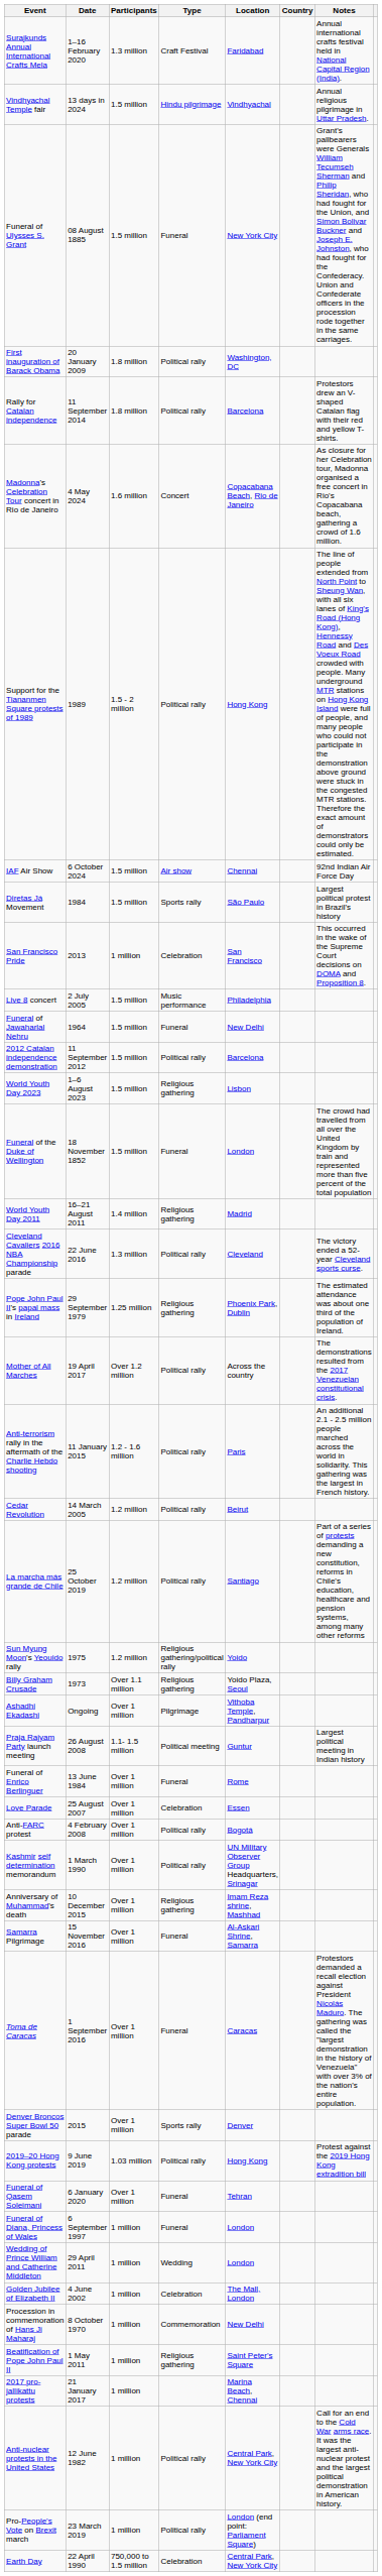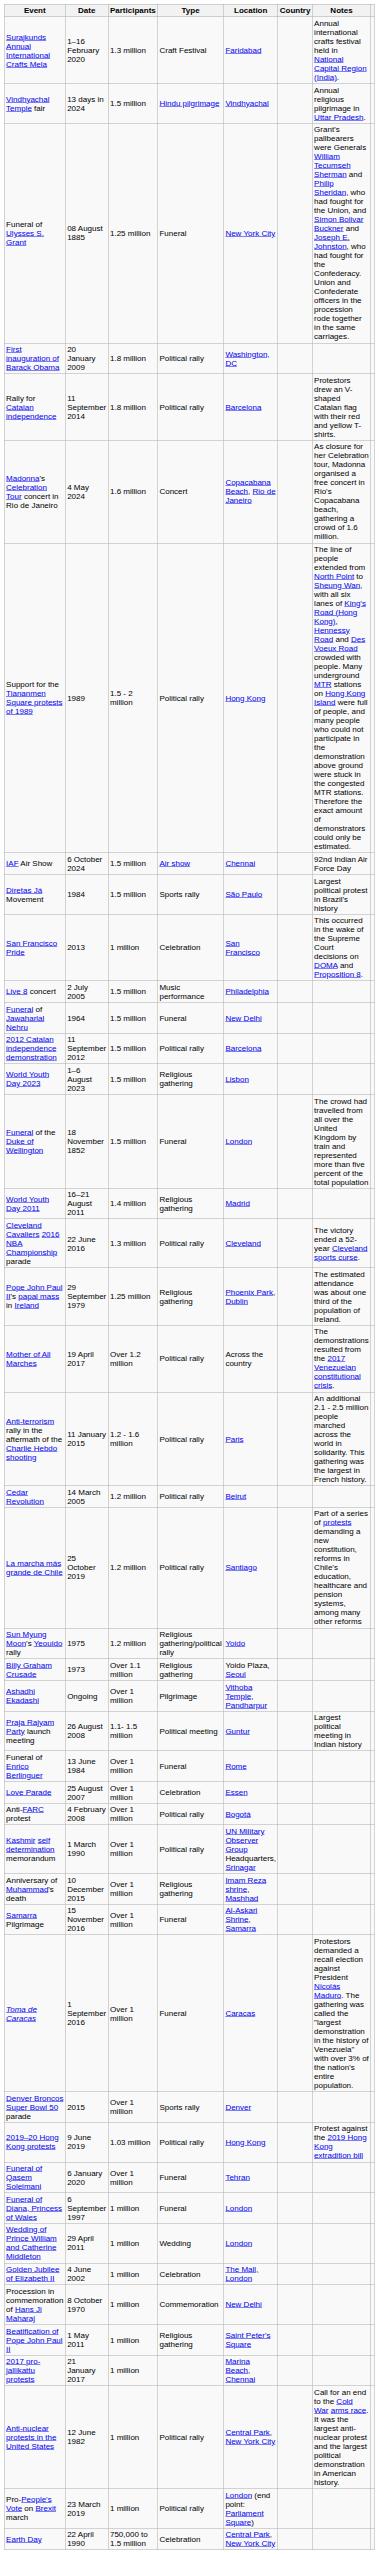 <table class="wikitable sortable">
 <tr>
 <th width=160>Event</th>
 <th data-sort-type="date" width=100>Date</th>
 <th>Participants</th>
 <th>Type</th>
 <th>Location</th>
 <th width=100>Country</th>
 <th class=unsortable>Notes</th>
 <th class="unsortable"></th>
 </tr>
 <tr>
 <td><a href='#'>Surajkunds Annual International Crafts Mela</a></td>
 <td>1–16 February 2020</td>
 <td>1.3 million</td>
 <td>Craft Festival</td>
 <td><a href='#'>Faridabad</a></td>
 <td></td>
 <td>Annual international crafts festival held in <a href='#'>National Capital Region (India)</a>.</td>
 <td></td>
 </tr>
 <tr>
 <td><a href='#'>Vindhyachal Temple</a> fair</td>
 <td>13 days in 2024</td>
 <td>1.5 million</td>
 <td><a href='#'>Hindu pilgrimage</a></td>
 <td><a href='#'>Vindhyachal</a></td>
 <td></td>
 <td>Annual religious pilgrimage in <a href='#'>Uttar Pradesh</a>.</td>
 <td></td>
 </tr>
 <tr>
 <td>Funeral of <a href='#'>Ulysses S. Grant</a></td>
 <td>08 August 1885</td>
-<td>1.5 million</td>
+<td>1.25 million</td>
 <td>Funeral</td>
 <td><a href='#'>New York City</a></td>
 <td></td>
 <td>Grant's pallbearers were Generals <a href='#'>William Tecumseh Sherman</a> and <a href='#'>Philip Sheridan</a>, who had fought for the Union, and <a href='#'>Simon Bolivar Buckner</a> and <a href='#'>Joseph E. Johnston</a>, who had fought for the Confederacy. Union and Confederate officers in the procession rode together in the same carriages.</td>
 <td></td>
 </tr>
 <tr>
 <td><a href='#'>First inauguration of Barack Obama</a></td>
 <td>20 January 2009</td>
 <td>1.8 million</td>
 <td>Political rally</td>
 <td><a href='#'>Washington, DC</a></td>
 <td></td>
 <td></td>
 <td></td>
 </tr>
 <tr>
 <td>Rally for <a href='#'>Catalan independence</a></td>
 <td>11 September 2014</td>
 <td>1.8 million</td>
 <td>Political rally</td>
 <td><a href='#'>Barcelona</a></td>
 <td></td>
 <td>Protestors drew an  V-shaped Catalan flag with their red and yellow T-shirts.</td>
 <td></td>
 </tr>
 <tr>
 <td><a href='#'>Madonna</a>'s <a href='#'>Celebration Tour</a> concert in Rio de Janeiro</td>
 <td>4 May 2024</td>
 <td>1.6 million</td>
 <td>Concert</td>
 <td><a href='#'>Copacabana Beach</a>, <a href='#'>Rio de Janeiro</a></td>
 <td></td>
 <td>As closure for her Celebration tour, Madonna organised a free concert in Rio's Copacabana beach, gathering a crowd of 1.6 million.</td>
 <td></td>
 </tr>
 <tr>
 <td>Support for the <a href='#'>Tiananmen Square protests of 1989</a></td>
 <td>1989</td>
 <td>1.5 - 2 million</td>
 <td>Political rally</td>
 <td><a href='#'>Hong Kong</a></td>
 <td></td>
 <td>The line of people extended from <a href='#'>North Point</a> to <a href='#'>Sheung Wan</a>, with all six lanes of <a href='#'>King's Road (Hong Kong)</a>, <a href='#'>Hennessy Road</a> and <a href='#'>Des Voeux Road</a> crowded with people. Many underground <a href='#'>MTR</a> stations on <a href='#'>Hong Kong Island</a> were full of people, and many people who could not participate in the demonstration above ground were stuck in the congested MTR stations. Therefore the exact amount of demonstrators could only be estimated.</td>
 <td></td>
 </tr>
 <tr>
 <td><a href='#'>IAF</a> Air Show</td>
 <td>6 October 2024</td>
 <td>1.5 million</td>
 <td><a href='#'>Air show</a></td>
 <td><a href='#'>Chennai</a></td>
 <td></td>
 <td>92nd Indian Air Force Day</td>
 <td></td>
 </tr>
 <tr>
 <td><a href='#'>Diretas Já</a> Movement</td>
 <td>1984</td>
 <td>1.5 million</td>
 <td>Sports rally</td>
 <td><a href='#'>São Paulo</a></td>
 <td></td>
 <td>Largest political protest in Brazil's history</td>
 <td></td>
 </tr>
 <tr>
 <td><a href='#'>San Francisco Pride</a></td>
 <td>2013</td>
 <td>1 million</td>
 <td>Celebration</td>
 <td><a href='#'>San Francisco</a></td>
 <td></td>
 <td>This occurred in the wake of the Supreme Court decisions on <a href='#'>DOMA</a> and <a href='#'>Proposition 8</a>.</td>
 <td></td>
 </tr>
 <tr>
 <td><a href='#'>Live 8</a> concert</td>
 <td>2 July 2005</td>
 <td>1.5 million</td>
 <td>Music performance</td>
 <td><a href='#'>Philadelphia</a></td>
 <td></td>
 <td></td>
 <td></td>
 </tr>
 <tr>
 <td><a href='#'>Funeral</a> of <a href='#'>Jawaharlal Nehru</a></td>
 <td>1964</td>
 <td>1.5 million</td>
 <td>Funeral</td>
 <td><a href='#'>New Delhi</a></td>
 <td></td>
 <td></td>
 <td></td>
 </tr>
 <tr>
 <td><a href='#'>2012 Catalan independence demonstration</a></td>
 <td>11 September 2012</td>
 <td>1.5 million</td>
 <td>Political rally</td>
 <td><a href='#'>Barcelona</a></td>
 <td></td>
 <td></td>
 <td></td>
 </tr>
 <tr>
 <td><a href='#'>World Youth Day 2023</a></td>
 <td>1–6 August 2023</td>
 <td>1.5 million</td>
 <td>Religious gathering</td>
 <td><a href='#'>Lisbon</a></td>
 <td></td>
 <td></td>
 <td></td>
 </tr>
 <tr>
 <td><a href='#'>Funeral</a> of the <a href='#'>Duke of Wellington</a></td>
 <td>18 November 1852</td>
 <td>1.5 million</td>
 <td>Funeral</td>
 <td><a href='#'>London</a></td>
 <td></td>
 <td>The crowd had travelled from all over the United Kingdom by train and represented more than five percent of the total population</td>
 <td></td>
 </tr>
 <tr>
 <td><a href='#'>World Youth Day 2011</a></td>
 <td>16–21 August 2011</td>
 <td>1.4 million</td>
 <td>Religious gathering</td>
 <td><a href='#'>Madrid</a></td>
 <td></td>
 <td></td>
 <td></td>
 </tr>
 <tr>
 <td><a href='#'>Cleveland Cavaliers</a> <a href='#'>2016 NBA Championship</a> parade</td>
 <td>22 June 2016</td>
 <td>1.3 million</td>
 <td>Political rally</td>
 <td><a href='#'>Cleveland</a></td>
 <td></td>
 <td>The victory ended a 52-year <a href='#'>Cleveland sports curse</a>.</td>
 <td></td>
 </tr>
 <tr>
 <td><a href='#'>Pope John Paul II</a>'s <a href='#'>papal mass</a> in <a href='#'>Ireland</a></td>
 <td>29 September 1979</td>
 <td>1.25 million</td>
 <td>Religious gathering</td>
 <td><a href='#'>Phoenix Park</a>, <a href='#'>Dublin</a></td>
 <td></td>
 <td>The estimated attendance was about one third of the population of Ireland.</td>
 <td></td>
 </tr>
 <tr>
 <td><a href='#'>Mother of All Marches</a></td>
 <td>19 April 2017</td>
 <td>Over 1.2 million</td>
 <td>Political rally</td>
 <td>Across the country</td>
 <td></td>
 <td>The demonstrations resulted from the <a href='#'>2017 Venezuelan constitutional crisis</a>.</td>
 <td></td>
 </tr>
 <tr>
 <td><a href='#'>Anti-terrorism</a> rally in the aftermath of the <a href='#'>Charlie Hebdo shooting</a></td>
 <td>11 January 2015</td>
 <td>1.2 - 1.6 million</td>
 <td>Political rally</td>
 <td><a href='#'>Paris</a></td>
 <td></td>
 <td>An additional 2.1 - 2.5 million people marched across the world in solidarity. This gathering was the largest in French history.</td>
 <td></td>
 </tr>
 <tr>
 <td><a href='#'>Cedar Revolution</a></td>
 <td>14 March 2005</td>
 <td>1.2 million</td>
 <td>Political rally</td>
 <td><a href='#'>Beirut</a></td>
 <td></td>
 <td></td>
 <td></td>
 </tr>
 <tr>
 <td><a href='#'>La marcha más grande de Chile</a></td>
 <td>25 October 2019</td>
 <td>1.2 million</td>
 <td>Political rally</td>
 <td><a href='#'>Santiago</a></td>
 <td></td>
 <td>Part of a series of <a href='#'>protests</a> demanding a new constitution, reforms in Chile's education, healthcare and pension systems, among many other reforms</td>
 <td></td>
 </tr>
 <tr>
 <td><a href='#'>Sun Myung Moon</a>'s <a href='#'>Yeouido</a> rally</td>
 <td>1975</td>
 <td>1.2 million</td>
 <td>Religious gathering/political rally</td>
 <td><a href='#'>Yoido</a></td>
 <td></td>
 <td></td>
 <td></td>
 </tr>
 <tr>
 <td><a href='#'>Billy Graham Crusade</a></td>
 <td>1973</td>
 <td>Over 1.1 million</td>
 <td>Religious gathering</td>
 <td>Yoido Plaza, <a href='#'>Seoul</a></td>
 <td></td>
 <td></td>
 <td></td>
 </tr>
 <tr>
 <td><a href='#'>Ashadhi Ekadashi</a></td>
 <td>Ongoing</td>
 <td>Over 1 million</td>
 <td>Pilgrimage</td>
 <td><a href='#'>Vithoba Temple</a>, <a href='#'>Pandharpur</a></td>
 <td></td>
 <td></td>
 <td></td>
 </tr>
 <tr>
 <td><a href='#'>Praja Rajyam Party</a> launch meeting</td>
 <td>26 August 2008</td>
 <td>1.1- 1.5 million</td>
 <td>Political meeting</td>
 <td><a href='#'>Guntur</a></td>
 <td></td>
 <td>Largest political meeting in Indian history</td>
 <td></td>
 </tr>
 <tr>
 <td>Funeral of <a href='#'>Enrico Berlinguer</a></td>
 <td>13 June 1984</td>
 <td>Over 1 million</td>
 <td>Funeral</td>
 <td><a href='#'>Rome</a></td>
 <td></td>
 <td></td>
 <td></td>
 </tr>
 <tr>
 <td><a href='#'>Love Parade</a></td>
 <td>25 August 2007</td>
 <td>Over 1 million</td>
 <td>Celebration</td>
 <td><a href='#'>Essen</a></td>
 <td></td>
 <td></td>
 <td></td>
 </tr>
 <tr>
 <td>Anti-<a href='#'>FARC</a> protest</td>
 <td>4 February 2008</td>
 <td>Over 1 million</td>
 <td>Political rally</td>
 <td><a href='#'>Bogotá</a></td>
 <td></td>
 <td></td>
 <td></td>
 </tr>
 <tr>
 <td><a href='#'>Kashmir</a> <a href='#'>self determination</a> memorandum</td>
 <td>1 March 1990</td>
 <td>Over 1 million</td>
 <td>Political rally</td>
 <td><a href='#'>UN Military Observer Group</a> Headquarters, <a href='#'>Srinagar</a></td>
 <td></td>
 <td></td>
 <td></td>
 </tr>
 <tr>
 <td>Anniversary of <a href='#'>Muhammad</a>'s death</td>
 <td>10 December 2015</td>
 <td>Over 1 million</td>
 <td>Religious gathering</td>
 <td><a href='#'>Imam Reza shrine</a>, <a href='#'>Mashhad</a></td>
 <td></td>
 <td></td>
 <td></td>
 </tr>
 <tr>
 <td><a href='#'>Samarra</a> Pilgrimage</td>
 <td>15 November 2016</td>
 <td>Over 1 million</td>
 <td>Funeral</td>
 <td><a href='#'>Al-Askari Shrine</a>, <a href='#'>Samarra</a></td>
 <td></td>
 <td></td>
 <td></td>
 </tr>
 <tr>
 <td><em><a href='#'>Toma de Caracas</a></em></td>
 <td>1 September 2016</td>
 <td>Over 1 million</td>
 <td>Funeral</td>
 <td><a href='#'>Caracas</a></td>
 <td></td>
 <td>Protestors demanded a recall election against President <a href='#'>Nicolás Maduro</a>. The gathering was called the "largest demonstration in the history of Venezuela" with over 3% of the nation's entire population.</td>
 <td></td>
 </tr>
 <tr>
 <td><a href='#'>Denver Broncos</a> <a href='#'>Super Bowl 50</a> parade</td>
 <td>2015</td>
 <td>Over 1 million</td>
 <td>Sports rally</td>
 <td><a href='#'>Denver</a></td>
 <td></td>
 <td></td>
 <td></td>
 </tr>
 <tr>
 <td><a href='#'>2019–20 Hong Kong protests</a></td>
 <td>9 June 2019</td>
 <td>1.03 million</td>
 <td>Political rally</td>
 <td><a href='#'>Hong Kong</a></td>
 <td></td>
 <td>Protest against the <a href='#'>2019 Hong Kong extradition bill</a></td>
 <td></td>
 </tr>
 <tr>
 <td><a href='#'>Funeral of Qasem Soleimani</a></td>
 <td>6 January 2020</td>
 <td>Over 1 million</td>
 <td>Funeral</td>
 <td><a href='#'>Tehran</a></td>
 <td></td>
 <td></td>
 <td></td>
 </tr>
 <tr>
 <td><a href='#'>Funeral of Diana, Princess of Wales</a></td>
 <td>6 September 1997</td>
 <td>1 million</td>
 <td>Funeral</td>
 <td><a href='#'>London</a></td>
 <td></td>
 <td></td>
 <td></td>
 </tr>
 <tr>
 <td><a href='#'>Wedding of Prince William and Catherine Middleton</a></td>
 <td>29 April 2011</td>
 <td>1 million</td>
 <td>Wedding</td>
 <td><a href='#'>London</a></td>
 <td></td>
 <td></td>
 <td></td>
 </tr>
 <tr>
 <td><a href='#'>Golden Jubilee of Elizabeth II</a></td>
 <td>4 June 2002</td>
 <td>1 million</td>
 <td>Celebration</td>
 <td><a href='#'>The Mall, London</a></td>
 <td></td>
 <td></td>
 <td></td>
 </tr>
 <tr>
 <td>Procession in commemoration of <a href='#'>Hans Ji Maharaj</a></td>
 <td>8 October 1970</td>
 <td>1 million</td>
 <td>Commemoration</td>
 <td><a href='#'>New Delhi</a></td>
 <td></td>
 <td></td>
 <td></td>
 </tr>
 <tr>
 <td><a href='#'>Beatification of Pope John Paul II</a></td>
 <td>1 May 2011</td>
 <td>1 million</td>
 <td>Religious gathering</td>
 <td><a href='#'>Saint Peter's Square</a></td>
 <td></td>
 <td></td>
 <td></td>
 </tr>
 <tr>
 <td><a href='#'>2017 pro-jallikattu protests</a></td>
 <td>21 January 2017</td>
 <td>1 million</td>
 <td></td>
 <td><a href='#'>Marina Beach</a>, <a href='#'>Chennai</a></td>
 <td></td>
 <td></td>
 <td></td>
 </tr>
 <tr>
 <td><a href='#'>Anti-nuclear protests in the United States</a></td>
 <td>12 June 1982</td>
 <td>1 million</td>
 <td>Political rally</td>
 <td><a href='#'>Central Park</a>, <a href='#'>New York City</a></td>
 <td></td>
 <td>Call for an end to the <a href='#'>Cold War</a> <a href='#'>arms race</a>. It was the largest anti-nuclear protest and the largest political demonstration in American history.</td>
 <td></td>
 </tr>
 <tr>
 <td>Pro-<a href='#'>People's Vote</a> on <a href='#'>Brexit</a> march</td>
 <td>23 March 2019</td>
 <td>1 million</td>
 <td>Political rally</td>
 <td><a href='#'>London</a> (end point: <a href='#'>Parliament Square</a>)</td>
 <td></td>
 <td></td>
 <td></td>
 </tr>
 <tr>
 <td><a href='#'>Earth Day</a></td>
 <td>22 April 1990</td>
 <td>750,000 to 1.5 million</td>
 <td>Celebration</td>
 <td><a href='#'>Central Park</a>, <a href='#'>New York City</a></td>
 <td></td>
 <td></td>
 <td></td>
 </tr>
 </table>
